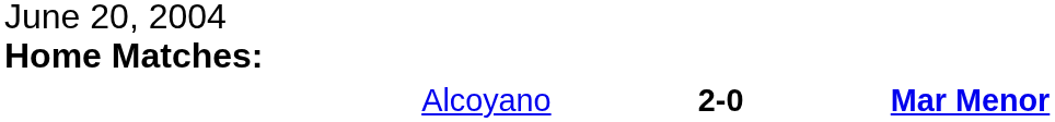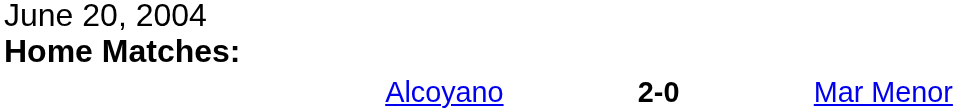 <table width=100% cellspacing=1>
 <tr>
 <th width=20%></th>
 <th width=12%></th>
 <th width=20%></th>
 <th></th>
 </tr>
 <tr>
 <td>June 20, 2004<br><strong>Home Matches:</strong></td>
 </tr>
 <tr style=font-size:90%>
 <td align=right><a href='#'>Alcoyano</a></td>
 <td align=center><strong>2-0</strong></td>
-<td><strong><a href='#'>Mar Menor</a></strong></td>
+<td><a href='#'>Mar Menor</a></td>
 </tr>
 </table>
